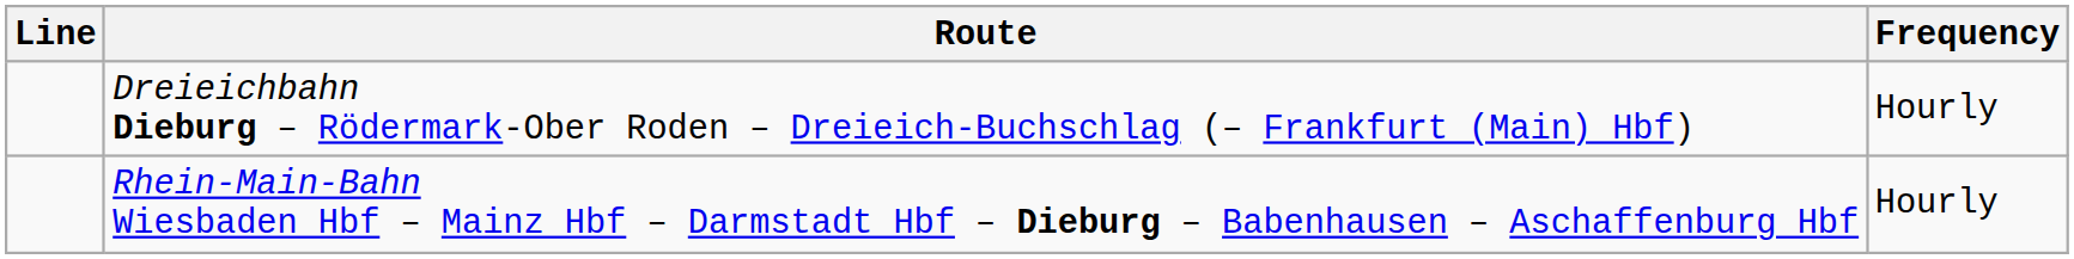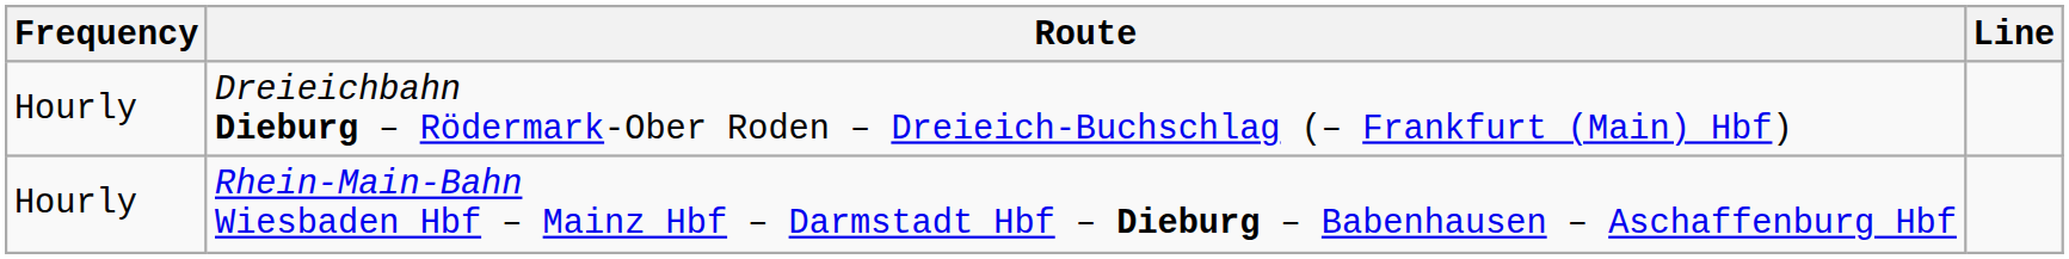 <table class="wikitable">
 <tr>
+<th>Frequency</th>
+<th>Route</th>
 <th>Line</th>
-<th>Route</th>
-<th>Frequency</th>
 </tr>
 <tr>
+<td>Hourly</td>
+<td><em>Dreieichbahn</em><br> <strong>Dieburg</strong> – <a href='#'>Rödermark</a>-Ober Roden – <a href='#'>Dreieich-Buchschlag</a> (– <a href='#'>Frankfurt (Main) Hbf</a>)</td>
 <td></td>
-<td><em>Dreieichbahn</em><br> <strong>Dieburg</strong> – <a href='#'>Rödermark</a>-Ober Roden – <a href='#'>Dreieich-Buchschlag</a> (– <a href='#'>Frankfurt (Main) Hbf</a>)</td>
-<td>Hourly</td>
 </tr>
 <tr>
+<td>Hourly</td>
+<td><em><a href='#'>Rhein-Main-Bahn</a></em><br> <a href='#'>Wiesbaden Hbf</a> – <a href='#'>Mainz Hbf</a> – <a href='#'>Darmstadt Hbf</a> – <strong>Dieburg</strong> – <a href='#'>Babenhausen</a> – <a href='#'>Aschaffenburg Hbf</a></td>
 <td></td>
-<td><em><a href='#'>Rhein-Main-Bahn</a></em><br> <a href='#'>Wiesbaden Hbf</a> – <a href='#'>Mainz Hbf</a> – <a href='#'>Darmstadt Hbf</a> – <strong>Dieburg</strong> – <a href='#'>Babenhausen</a> – <a href='#'>Aschaffenburg Hbf</a></td>
-<td>Hourly</td>
 </tr>
 </table>
